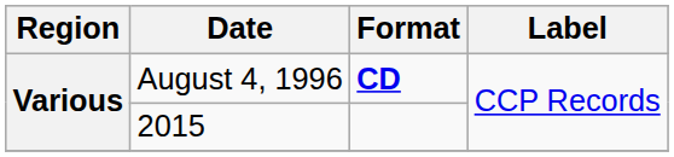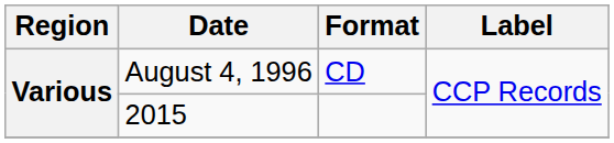 <table class="wikitable plainrowheaders">
 <tr>
 <th scope="col">Region</th>
 <th scope="col">Date</th>
 <th scope="col">Format</th>
 <th scope="col">Label</th>
 </tr>
 <tr>
 <th scope="row" rowspan="2">Various</th>
 <td>August 4, 1996</td>
-<td><strong><a href='#'>CD</a></strong></td>
+<td><a href='#'>CD</a></td>
 <td rowspan="2"><a href='#'>CCP Records</a></td>
 </tr>
 <tr>
 <td>2015</td>
 <td></td>
 </tr>
 <tr>
 </tr>
 </table>
